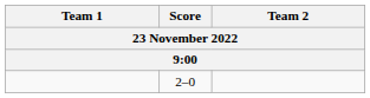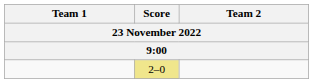 <table class="wikitable" style="text-align: center; font-size:90% ">
 <tr>
 <th align="right" width="160">Team 1</th>
 <th width="50">Score</th>
 <th align="left" width="160">Team 2</th>
 </tr>
 <tr>
 <th colspan=3>23 November 2022</th>
 </tr>
 <tr>
 <th colspan=3>9:00</th>
 </tr>
 <tr>
 <td align=right></td>
-<td align=center>2–0</td>
+<td align=center style="background: khaki;">2–0</td>
 <td align=left></td>
 </tr>
 </table>
